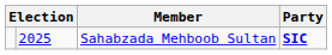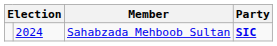 <table class="wikitable">
 <tr>
 <th colspan="2">Election</th>
 <th>Member</th>
 <th>Party</th>
 </tr>
 <tr>
 <td style="background-color: "></td>
-<td><a href='#'>2025</a></td>
+<td><a href='#'>2024</a></td>
 <td><a href='#'>Sahabzada Mehboob Sultan</a></td>
 <td><strong><a href='#'>SIC</a></strong></td>
 </tr>
 </table>
